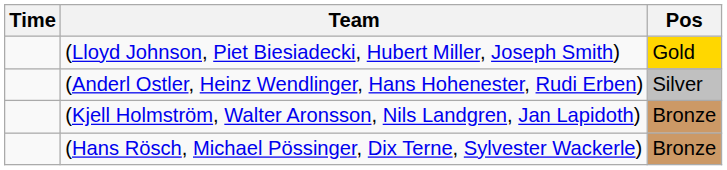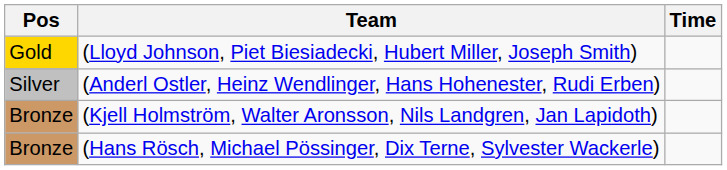 <table class="wikitable">
 <tr>
+<th>Pos</th>
+<th>Team</th>
 <th>Time</th>
-<th>Team</th>
-<th>Pos</th>
 </tr>
 <tr>
+<td style="background:gold">Gold</td>
+<td> (<a href='#'>Lloyd Johnson</a>, <a href='#'>Piet Biesiadecki</a>, <a href='#'>Hubert Miller</a>, <a href='#'>Joseph Smith</a>)</td>
 <td></td>
-<td> (<a href='#'>Lloyd Johnson</a>, <a href='#'>Piet Biesiadecki</a>, <a href='#'>Hubert Miller</a>, <a href='#'>Joseph Smith</a>)</td>
-<td style="background:gold">Gold</td>
 </tr>
 <tr>
+<td style="background:silver">Silver</td>
+<td> (<a href='#'>Anderl Ostler</a>, <a href='#'>Heinz Wendlinger</a>, <a href='#'>Hans Hohenester</a>, <a href='#'>Rudi Erben</a>)</td>
 <td></td>
-<td> (<a href='#'>Anderl Ostler</a>, <a href='#'>Heinz Wendlinger</a>, <a href='#'>Hans Hohenester</a>, <a href='#'>Rudi Erben</a>)</td>
-<td style="background:silver">Silver</td>
 </tr>
 <tr>
+<td style="background:#cc9966">Bronze</td>
+<td> (<a href='#'>Kjell Holmström</a>, <a href='#'>Walter Aronsson</a>, <a href='#'>Nils Landgren</a>, <a href='#'>Jan Lapidoth</a>)</td>
 <td></td>
-<td> (<a href='#'>Kjell Holmström</a>, <a href='#'>Walter Aronsson</a>, <a href='#'>Nils Landgren</a>, <a href='#'>Jan Lapidoth</a>)</td>
-<td style="background:#cc9966">Bronze</td>
 </tr>
 <tr>
+<td style="background:#cc9966">Bronze</td>
+<td> (<a href='#'>Hans Rösch</a>, <a href='#'>Michael Pössinger</a>, <a href='#'>Dix Terne</a>, <a href='#'>Sylvester Wackerle</a>)</td>
 <td></td>
-<td> (<a href='#'>Hans Rösch</a>, <a href='#'>Michael Pössinger</a>, <a href='#'>Dix Terne</a>, <a href='#'>Sylvester Wackerle</a>)</td>
-<td style="background:#cc9966">Bronze</td>
 </tr>
 </table>
